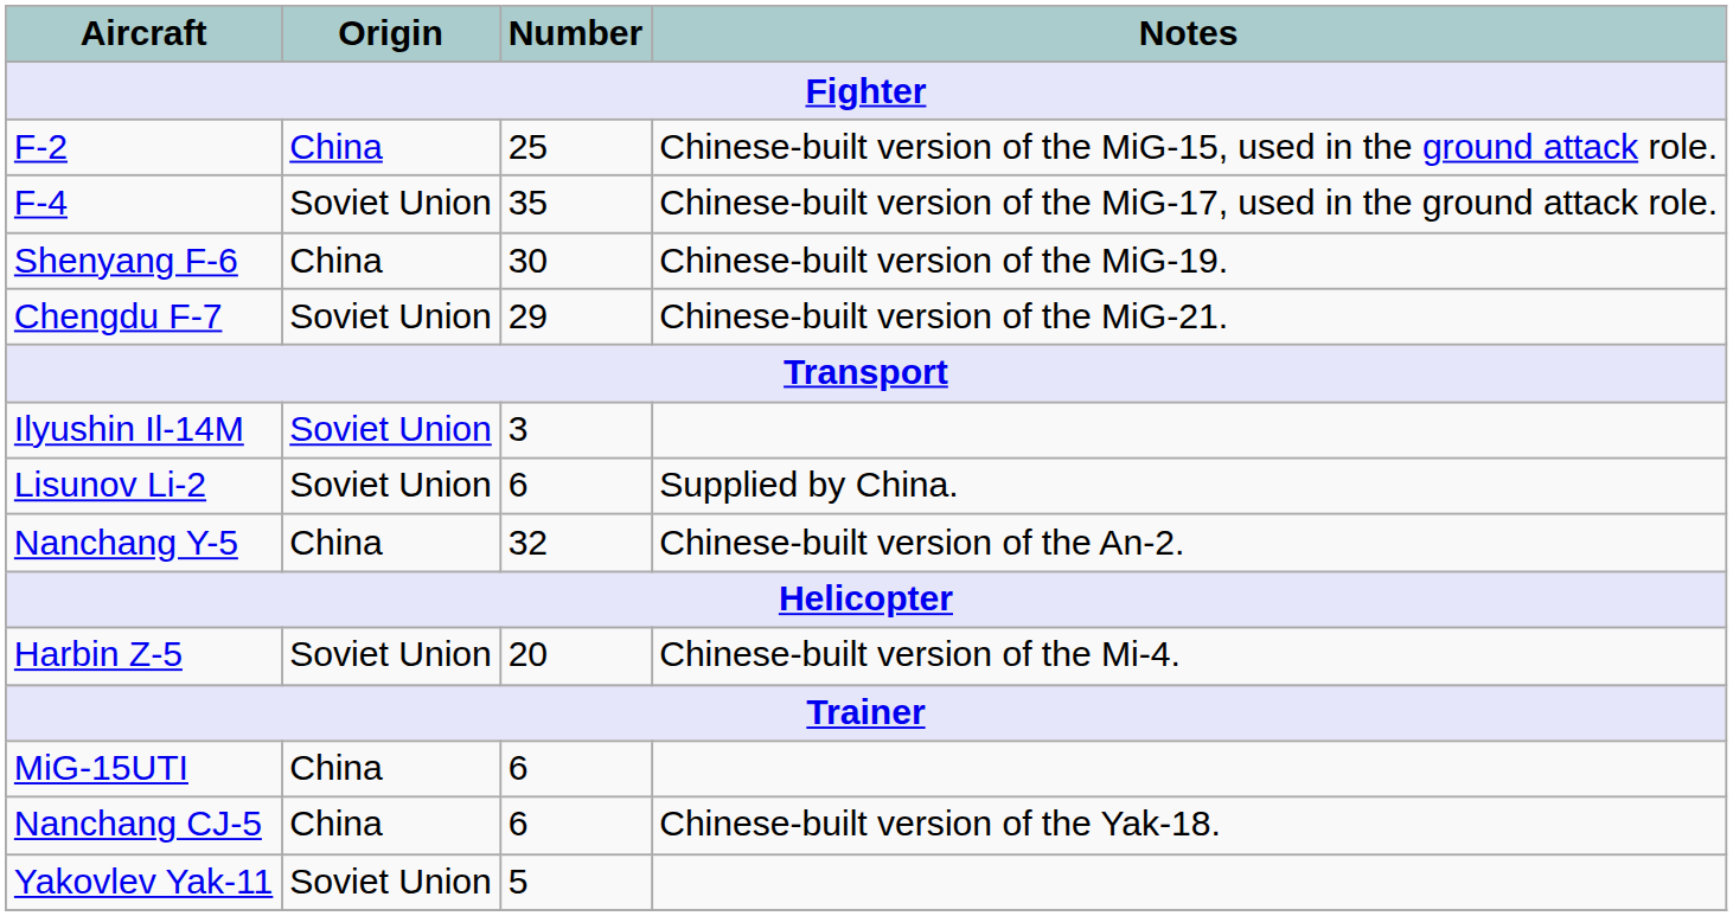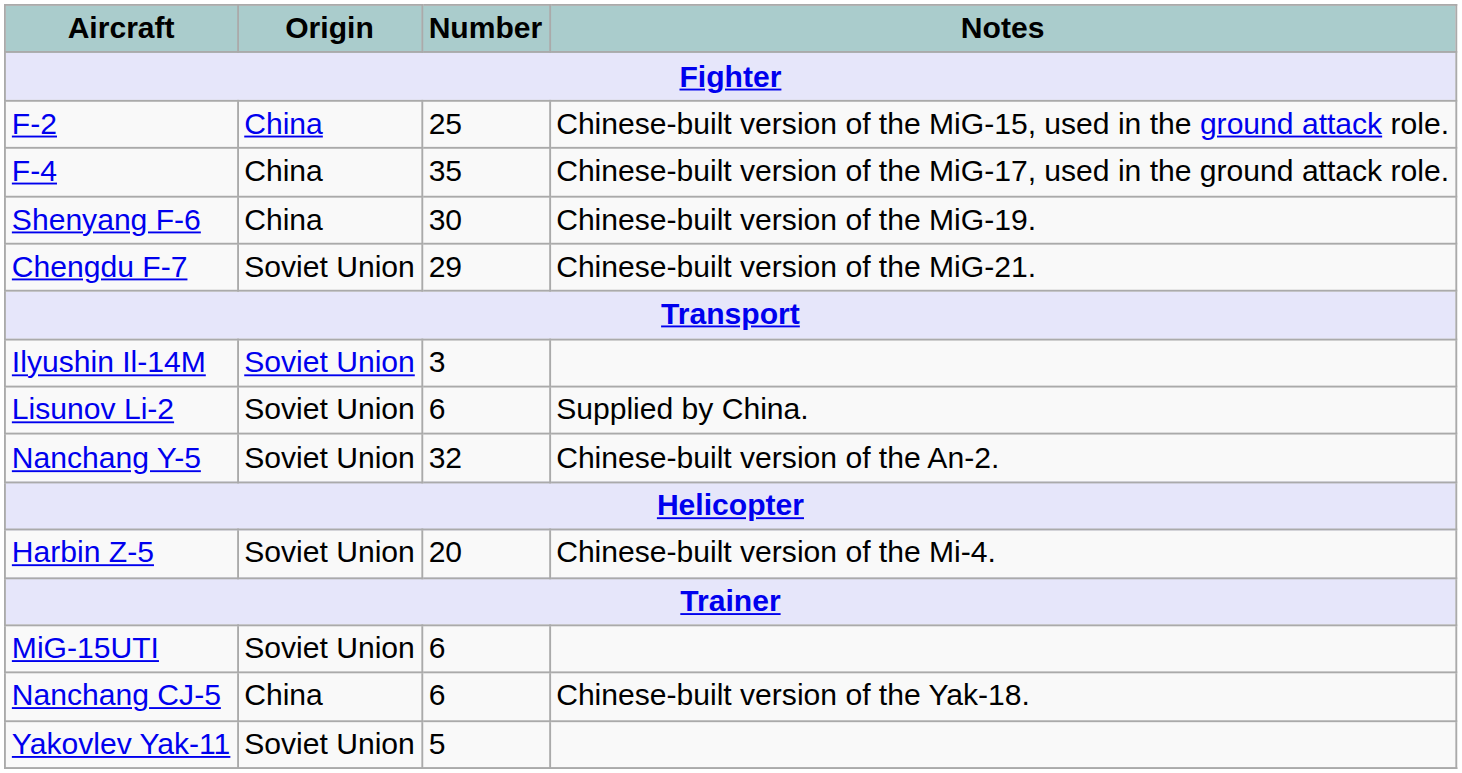 <table class="wikitable">
 <tr>
 <th style="text-align:center; background:#acc;">Aircraft</th>
 <th style="text-align:center; background:#acc;">Origin</th>
 <th style="text-align:center; background:#acc;">Number</th>
 <th style="text-align: center; background:#acc;">Notes</th>
 </tr>
 <tr>
 <th colspan="5" style="align: center; background: lavender;"><a href='#'>Fighter</a></th>
 </tr>
 <tr>
 <td><a href='#'>F-2</a></td>
 <td><a href='#'>China</a></td>
 <td>25</td>
 <td>Chinese-built version of the MiG-15, used in the <a href='#'>ground attack</a> role.</td>
 </tr>
 <tr>
 <td><a href='#'>F-4</a></td>
-<td>Soviet Union</td>
+<td>China</td>
 <td>35</td>
 <td>Chinese-built version of the MiG-17, used in the ground attack role.</td>
 </tr>
 <tr>
 <td><a href='#'>Shenyang F-6</a></td>
 <td>China</td>
 <td>30</td>
 <td>Chinese-built version of the MiG-19.</td>
 </tr>
 <tr>
 <td><a href='#'>Chengdu F-7</a></td>
 <td>Soviet Union</td>
 <td>29</td>
 <td>Chinese-built version of the MiG-21.</td>
 </tr>
 <tr>
 <th colspan="5" style="align: center; background: lavender;"><a href='#'>Transport</a></th>
 </tr>
 <tr>
 <td><a href='#'>Ilyushin Il-14M</a></td>
 <td><a href='#'>Soviet Union</a></td>
 <td>3</td>
 <td></td>
 </tr>
 <tr>
 <td><a href='#'>Lisunov Li-2</a></td>
 <td>Soviet Union</td>
 <td>6</td>
 <td>Supplied by China.</td>
 </tr>
 <tr>
 <td><a href='#'>Nanchang Y-5</a></td>
-<td>China</td>
+<td>Soviet Union</td>
 <td>32</td>
 <td>Chinese-built version of the An-2.</td>
 </tr>
 <tr>
 <th colspan="5" style="align: center; background: lavender;"><a href='#'>Helicopter</a></th>
 </tr>
 <tr>
 <td><a href='#'>Harbin Z-5</a></td>
 <td>Soviet Union</td>
 <td>20</td>
 <td>Chinese-built version of the Mi-4.</td>
 </tr>
 <tr>
 <th colspan="5" style="align: center; background: lavender;"><a href='#'>Trainer</a></th>
 </tr>
 <tr>
 <td><a href='#'>MiG-15UTI</a></td>
-<td>China</td>
+<td>Soviet Union</td>
 <td>6</td>
 <td></td>
 </tr>
 <tr>
 <td><a href='#'>Nanchang CJ-5</a></td>
 <td>China</td>
 <td>6</td>
 <td>Chinese-built version of the Yak-18.</td>
 </tr>
 <tr>
 <td><a href='#'>Yakovlev Yak-11</a></td>
 <td>Soviet Union</td>
 <td>5</td>
 <td></td>
 </tr>
 <tr>
 </tr>
 </table>
